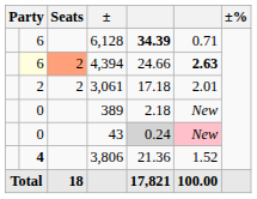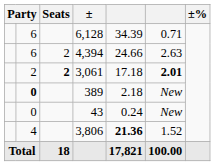 <table class=wikitable>
 <tr>
 <th colspan=2 align=center>Party</th>
 <th>Seats</th>
 <th>±</th>
 <th></th>
 <th></th>
 <th>±%</th>
 </tr>
 <tr>
 <td></td>
 <td align=right>6</td>
 <td align=right></td>
 <td align=right>6,128</td>
-<td align=right><strong>34.39</strong></td>
+<td align=right>34.39</td>
 <td align=right>0.71</td>
 </tr>
 <tr>
 <td></td>
-<td align=right style="background: lightyellow;">6</td>
-<td align=right style="background: lightsalmon;"> 2</td>
+<td align=right>6</td>
+<td align=right> 2</td>
 <td align=right>4,394</td>
 <td align=right>24.66</td>
-<td align=right><strong> 2.63</strong></td>
+<td align=right> 2.63</td>
 </tr>
 <tr>
 <td></td>
 <td align=right>2</td>
-<td align=right> 2</td>
+<td align=right><strong> 2</strong></td>
 <td align=right>3,061</td>
 <td align=right>17.18</td>
-<td align=right> 2.01</td>
+<td align=right><strong> 2.01</strong></td>
 </tr>
 <tr>
 <td></td>
-<td align=right>0</td>
+<td align=right><strong>0</strong></td>
 <td align=right></td>
 <td align=right>389</td>
 <td align=right>2.18</td>
 <td align=right><em>New</em></td>
 </tr>
 <tr>
 <td></td>
 <td align=right>0</td>
 <td align=right></td>
 <td align=right>43</td>
-<td align=right style="background: lightgrey;">0.24</td>
-<td align=right style="background: pink;"><em>New</em></td>
+<td align=right>0.24</td>
+<td align=right><em>New</em></td>
 </tr>
 <tr>
 <td></td>
-<td align=right><strong>4</strong></td>
+<td align=right>4</td>
 <td align=right></td>
 <td align=right>3,806</td>
-<td align=right>21.36</td>
+<td align=right><strong>21.36</strong></td>
 <td align=right>1.52</td>
 </tr>
 <tr style="font-weight:bold; background:rgb(232,232,232);">
 <td colspan=2 align=center>Total</td>
 <td align=right>18</td>
 <td align=center></td>
 <td align=right>17,821</td>
 <td align=center>100.00</td>
 <td align=center></td>
 </tr>
 </table>
